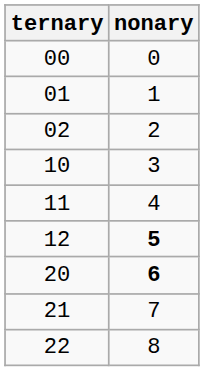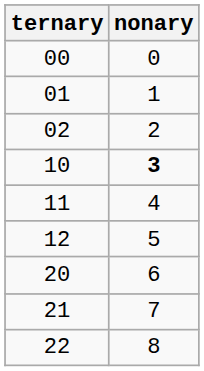 <table class="wikitable" style="float:right; text-align:center">
 <tr>
 <th>ternary</th>
 <th>nonary</th>
 </tr>
 <tr>
 <td>00</td>
 <td>0</td>
 </tr>
 <tr>
 <td>01</td>
 <td>1</td>
 </tr>
 <tr>
 <td>02</td>
 <td>2</td>
 </tr>
 <tr>
 <td>10</td>
-<td>3</td>
+<td><strong>3</strong></td>
 </tr>
 <tr>
 <td>11</td>
 <td>4</td>
 </tr>
 <tr>
 <td>12</td>
-<td><strong>5</strong></td>
+<td>5</td>
 </tr>
 <tr>
 <td>20</td>
-<td><strong>6</strong></td>
+<td>6</td>
 </tr>
 <tr>
 <td>21</td>
 <td>7</td>
 </tr>
 <tr>
 <td>22</td>
 <td>8</td>
 </tr>
 </table>
